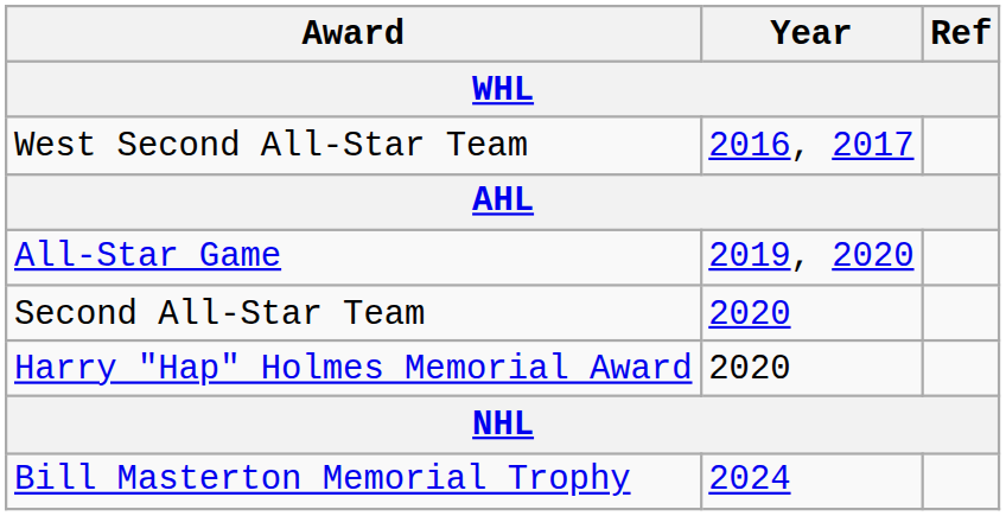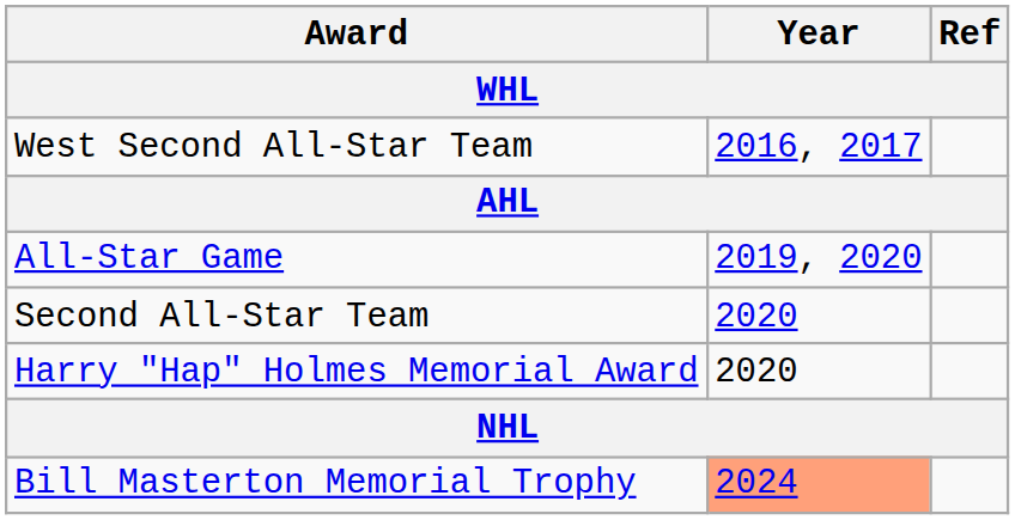 <table class="wikitable">
 <tr>
 <th>Award</th>
 <th>Year</th>
 <th>Ref</th>
 </tr>
 <tr>
 <th colspan="3"><a href='#'>WHL</a></th>
 </tr>
 <tr>
 <td>West Second All-Star Team</td>
 <td><a href='#'>2016</a>, <a href='#'>2017</a></td>
 <td></td>
 </tr>
 <tr>
 <th colspan="3"><a href='#'>AHL</a></th>
 </tr>
 <tr>
 <td><a href='#'>All-Star Game</a></td>
 <td><a href='#'>2019</a>, <a href='#'>2020</a></td>
 <td></td>
 </tr>
 <tr>
 <td>Second All-Star Team</td>
 <td><a href='#'>2020</a></td>
 <td></td>
 </tr>
 <tr>
 <td><a href='#'>Harry "Hap" Holmes Memorial Award</a></td>
 <td>2020</td>
 <td></td>
 </tr>
 <tr>
 <th colspan="3"><a href='#'>NHL</a></th>
 </tr>
 <tr>
 <td><a href='#'>Bill Masterton Memorial Trophy</a></td>
-<td><a href='#'>2024</a></td>
+<td style="background: lightsalmon;"><a href='#'>2024</a></td>
 <td></td>
 </tr>
 </table>
